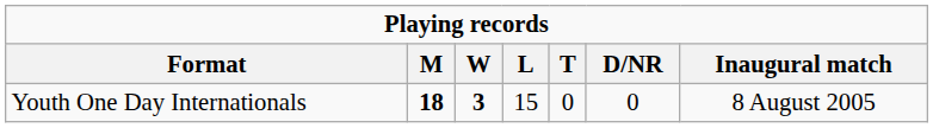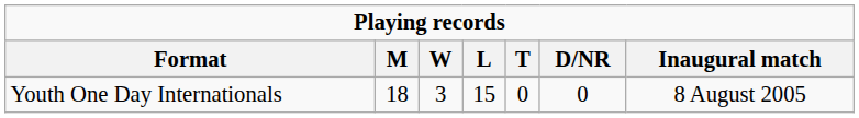 <table class="wikitable" style="text-align: center; width: 600px">
 <tr>
 <td colspan="8" align="center"><strong>Playing records</strong></td>
 </tr>
 <tr>
 <th>Format</th>
 <th>M</th>
 <th>W</th>
 <th>L</th>
 <th>T</th>
 <th>D/NR</th>
 <th>Inaugural match</th>
 </tr>
 <tr>
 <td align="left">Youth One Day Internationals</td>
-<td><strong>18</strong></td>
-<td><strong>3</strong></td>
+<td>18</td>
+<td>3</td>
 <td>15</td>
 <td>0</td>
 <td>0</td>
 <td>8 August 2005</td>
 </tr>
 </table>
